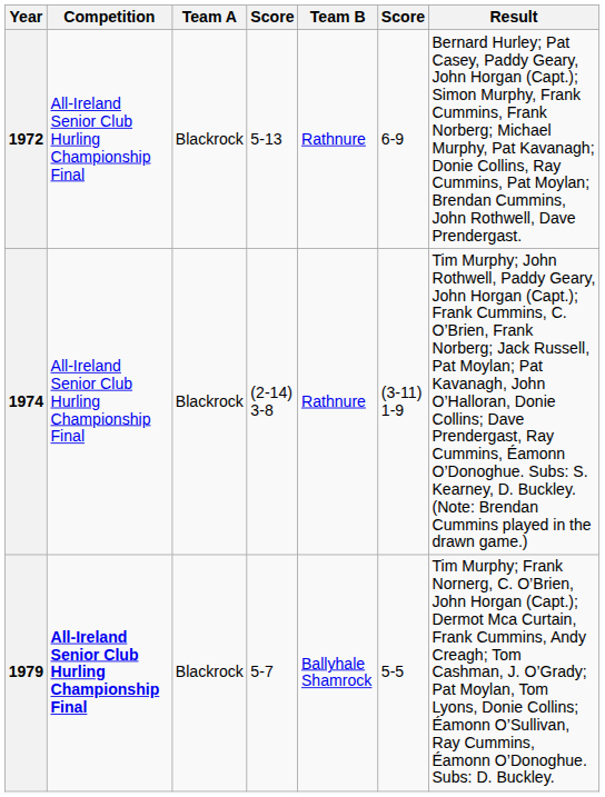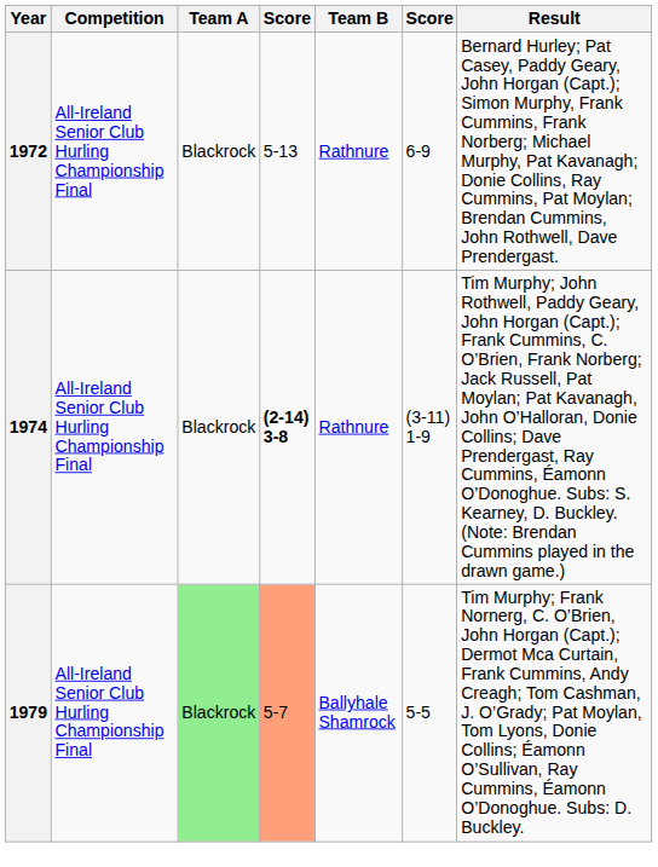 <table class="wikitable">
 <tr>
 <th>Year</th>
 <th>Competition</th>
 <th>Team A</th>
 <th>Score</th>
 <th>Team B</th>
 <th>Score</th>
 <th>Result</th>
 </tr>
 <tr>
 <th>1972</th>
 <td><a href='#'>All-Ireland Senior Club Hurling Championship Final</a></td>
 <td>Blackrock</td>
 <td>5-13</td>
 <td><a href='#'>Rathnure</a></td>
 <td>6-9</td>
 <td>Bernard Hurley; Pat Casey, Paddy Geary, John Horgan (Capt.); Simon Murphy, Frank Cummins, Frank Norberg; Michael Murphy, Pat Kavanagh; Donie Collins, Ray Cummins, Pat Moylan; Brendan Cummins, John Rothwell, Dave Prendergast.</td>
 </tr>
 <tr>
 <th>1974</th>
 <td><a href='#'>All-Ireland Senior Club Hurling Championship Final</a></td>
 <td>Blackrock</td>
-<td>(2-14)<br>3-8</td>
+<td><strong>(2-14)<br>3-8</strong></td>
 <td><a href='#'>Rathnure</a></td>
 <td>(3-11)<br>1-9</td>
 <td>Tim Murphy; John Rothwell, Paddy Geary, John Horgan (Capt.); Frank Cummins, C. O’Brien, Frank Norberg; Jack Russell, Pat Moylan; Pat Kavanagh, John O’Halloran, Donie Collins; Dave Prendergast, Ray Cummins, Éamonn O’Donoghue. Subs: S. Kearney, D. Buckley. (Note: Brendan Cummins played in the drawn game.)</td>
 </tr>
 <tr>
 <th>1979</th>
-<td><strong><a href='#'>All-Ireland Senior Club Hurling Championship Final</a></strong></td>
-<td>Blackrock</td>
-<td>5-7</td>
+<td><a href='#'>All-Ireland Senior Club Hurling Championship Final</a></td>
+<td style="background: lightgreen;">Blackrock</td>
+<td style="background: lightsalmon;">5-7</td>
 <td><a href='#'>Ballyhale Shamrock</a></td>
 <td>5-5</td>
 <td>Tim Murphy; Frank Nornerg, C. O’Brien, John Horgan (Capt.); Dermot Mca Curtain, Frank Cummins, Andy Creagh; Tom Cashman, J. O’Grady; Pat Moylan, Tom Lyons, Donie Collins; Éamonn O’Sullivan, Ray Cummins, Éamonn O’Donoghue. Subs: D. Buckley.</td>
 </tr>
 </table>
